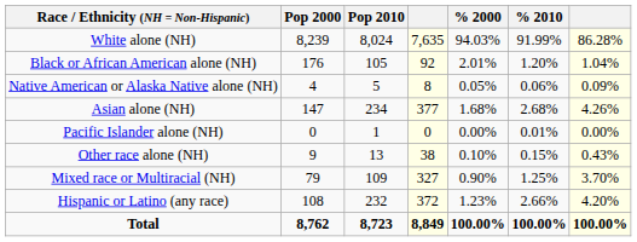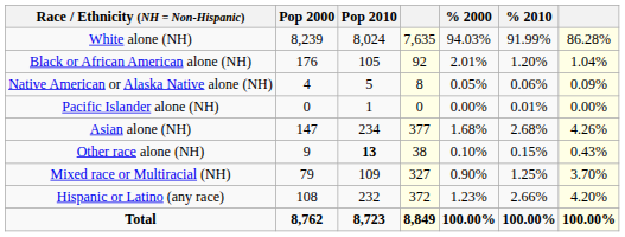 <table class="wikitable" style="text-align:center;">
 <tr>
 <th>Race / Ethnicity <small>(<em>NH = Non-Hispanic</em>)</small></th>
 <th>Pop 2000</th>
 <th>Pop 2010</th>
 <th></th>
 <th>% 2000</th>
 <th>% 2010</th>
 <th></th>
 </tr>
 <tr>
 <td><a href='#'>White</a> alone (NH)</td>
 <td>8,239</td>
 <td>8,024</td>
 <td style='background: #ffffe6;'>7,635</td>
 <td>94.03%</td>
 <td>91.99%</td>
 <td style='background: #ffffe6;'>86.28%</td>
 </tr>
 <tr>
 <td><a href='#'>Black or African American</a> alone (NH)</td>
 <td>176</td>
 <td>105</td>
 <td style='background: #ffffe6;'>92</td>
 <td>2.01%</td>
 <td>1.20%</td>
 <td style='background: #ffffe6;'>1.04%</td>
 </tr>
 <tr>
 <td><a href='#'>Native American</a> or <a href='#'>Alaska Native</a> alone (NH)</td>
 <td>4</td>
 <td>5</td>
 <td style='background: #ffffe6;'>8</td>
 <td>0.05%</td>
 <td>0.06%</td>
 <td style='background: #ffffe6;'>0.09%</td>
 </tr>
 <tr>
+<td><a href='#'>Pacific Islander</a> alone (NH)</td>
+<td>0</td>
+<td>1</td>
+<td style='background: #ffffe6;'>0</td>
+<td>0.00%</td>
+<td>0.01%</td>
+<td style='background: #ffffe6;'>0.00%</td>
+</tr>
+<tr>
 <td><a href='#'>Asian</a> alone (NH)</td>
 <td>147</td>
 <td>234</td>
 <td style='background: #ffffe6;'>377</td>
 <td>1.68%</td>
 <td>2.68%</td>
 <td style='background: #ffffe6;'>4.26%</td>
 </tr>
 <tr>
-<td><a href='#'>Pacific Islander</a> alone (NH)</td>
-<td>0</td>
-<td>1</td>
-<td style='background: #ffffe6;'>0</td>
-<td>0.00%</td>
-<td>0.01%</td>
-<td style='background: #ffffe6;'>0.00%</td>
-</tr>
-<tr>
 <td><a href='#'>Other race</a> alone (NH)</td>
 <td>9</td>
-<td>13</td>
+<td><strong>13</strong></td>
 <td style='background: #ffffe6;'>38</td>
 <td>0.10%</td>
 <td>0.15%</td>
 <td style='background: #ffffe6;'>0.43%</td>
 </tr>
 <tr>
 <td><a href='#'>Mixed race or Multiracial</a> (NH)</td>
 <td>79</td>
 <td>109</td>
 <td style='background: #ffffe6;'>327</td>
 <td>0.90%</td>
 <td>1.25%</td>
 <td style='background: #ffffe6;'>3.70%</td>
 </tr>
 <tr>
 <td><a href='#'>Hispanic or Latino</a> (any race)</td>
 <td>108</td>
 <td>232</td>
 <td style='background: #ffffe6;'>372</td>
 <td>1.23%</td>
 <td>2.66%</td>
 <td style='background: #ffffe6;'>4.20%</td>
 </tr>
 <tr>
 <td><strong>Total</strong></td>
 <td><strong>8,762</strong></td>
 <td><strong>8,723</strong></td>
 <td style='background: #ffffe6;'><strong>8,849</strong></td>
 <td><strong>100.00%</strong></td>
 <td><strong>100.00%</strong></td>
 <td style='background: #ffffe6;'><strong>100.00%</strong></td>
 </tr>
 </table>
